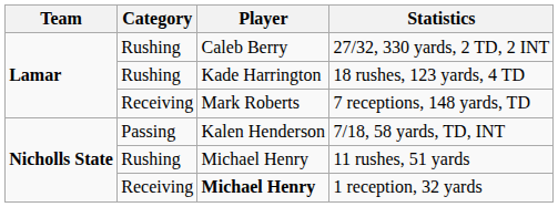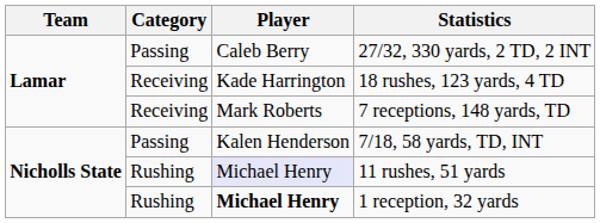 <table class="wikitable" style="float: left;">
 <tr>
 <th>Team</th>
 <th>Category</th>
 <th>Player</th>
 <th>Statistics</th>
 </tr>
 <tr>
 <td rowspan=3><strong>Lamar</strong></td>
-<td>Rushing</td>
+<td>Passing</td>
 <td>Caleb Berry</td>
 <td>27/32, 330 yards, 2 TD, 2 INT</td>
 </tr>
 <tr>
-<td>Rushing</td>
+<td>Receiving</td>
 <td>Kade Harrington</td>
 <td>18 rushes, 123 yards, 4 TD</td>
 </tr>
 <tr>
 <td>Receiving</td>
 <td>Mark Roberts</td>
 <td>7 receptions, 148 yards, TD</td>
 </tr>
 <tr>
 <td rowspan=3><strong>Nicholls State</strong></td>
 <td>Passing</td>
 <td>Kalen Henderson</td>
 <td>7/18, 58 yards, TD, INT</td>
 </tr>
 <tr>
 <td>Rushing</td>
-<td>Michael Henry</td>
+<td style="background: lavender;">Michael Henry</td>
 <td>11 rushes, 51 yards</td>
 </tr>
 <tr>
-<td>Receiving</td>
+<td>Rushing</td>
 <td><strong>Michael Henry</strong></td>
 <td>1 reception, 32 yards</td>
 </tr>
 </table>
